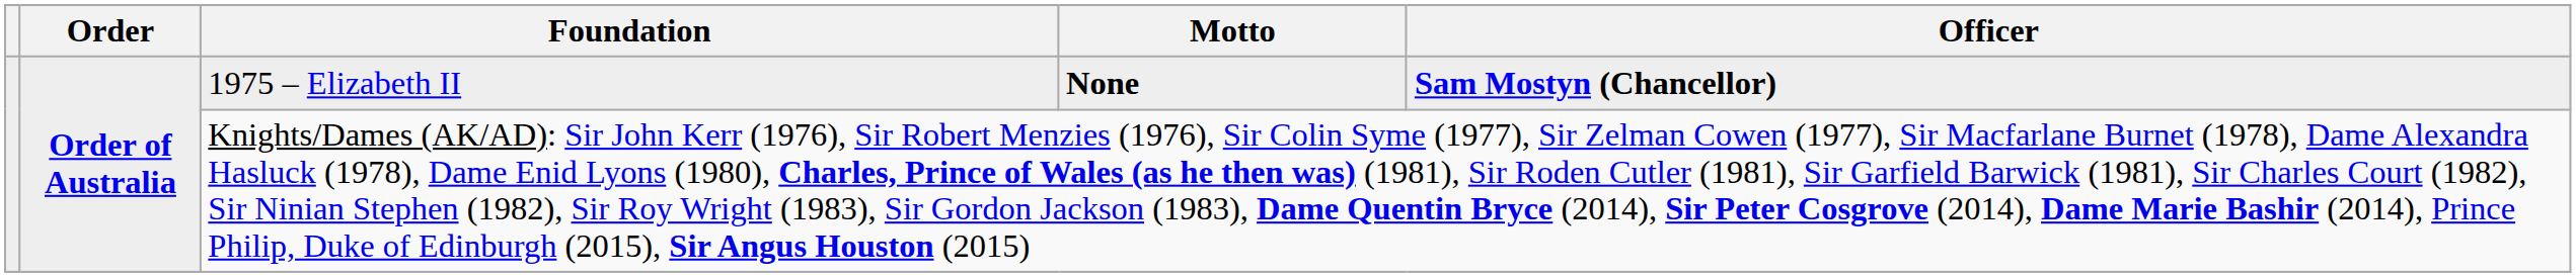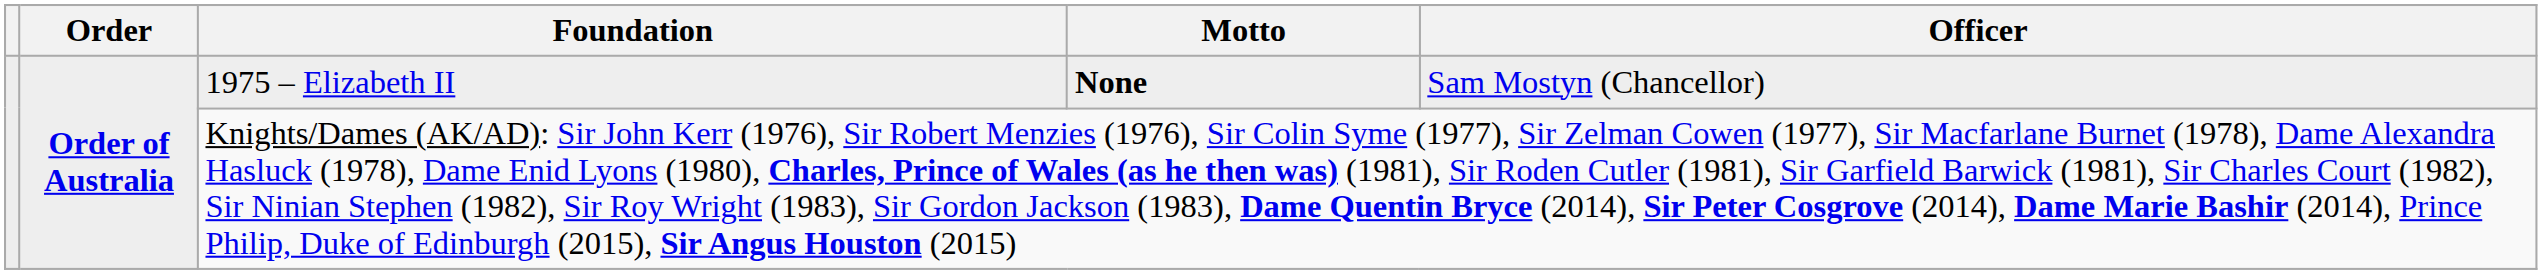 <table class="wikitable">
 <tr>
 <th></th>
 <th>Order</th>
 <th>Foundation</th>
 <th>Motto</th>
 <th>Officer<br></th>
 </tr>
 <tr style="background:#eee;">
 <td rowspan="2" style="text-align:center;"><br></td>
 <td rowspan="2" style="text-align:center;"><strong><a href='#'>Order of Australia</a></strong></td>
 <td>1975 – <a href='#'>Elizabeth II</a></td>
 <td><strong>None</strong></td>
-<td><strong><a href='#'>Sam Mostyn</a> (Chancellor)</strong></td>
+<td><a href='#'>Sam Mostyn</a> (Chancellor)</td>
 </tr>
 <tr>
 <td colspan=4><u>Knights/Dames (AK/AD)</u>: <a href='#'>Sir John Kerr</a> (1976), <a href='#'>Sir Robert Menzies</a> (1976), <a href='#'>Sir Colin Syme</a> (1977), <a href='#'>Sir Zelman Cowen</a> (1977), <a href='#'>Sir Macfarlane Burnet</a> (1978), <a href='#'>Dame Alexandra Hasluck</a> (1978), <a href='#'>Dame Enid Lyons</a> (1980), <strong><a href='#'>Charles, Prince of Wales (as he then was)</a></strong> (1981), <a href='#'>Sir Roden Cutler</a> (1981), <a href='#'>Sir Garfield Barwick</a> (1981), <a href='#'>Sir Charles Court</a> (1982), <a href='#'>Sir Ninian Stephen</a> (1982), <a href='#'>Sir Roy Wright</a> (1983), <a href='#'>Sir Gordon Jackson</a> (1983), <strong><a href='#'>Dame Quentin Bryce</a></strong> (2014), <strong><a href='#'>Sir Peter Cosgrove</a></strong> (2014), <strong><a href='#'>Dame Marie Bashir</a></strong> (2014), <a href='#'>Prince Philip, Duke of Edinburgh</a> (2015), <strong><a href='#'>Sir Angus Houston</a></strong> (2015)</td>
 </tr>
 </table>
